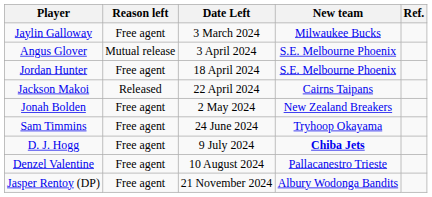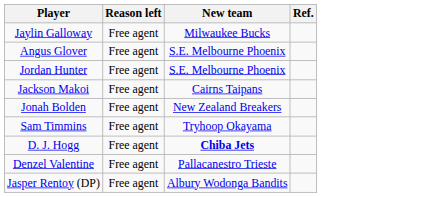 <table class="wikitable sortable sortable" style="text-align: center">
 <tr>
 <th>Player</th>
 <th>Reason left</th>
-<th>Date Left</th>
 <th>New team</th>
 <th>Ref.</th>
 </tr>
 <tr>
 <td><a href='#'>Jaylin Galloway</a></td>
 <td>Free agent</td>
-<td>3 March 2024</td>
 <td><a href='#'>Milwaukee Bucks</a></td>
 <td></td>
 </tr>
 <tr>
 <td><a href='#'>Angus Glover</a></td>
-<td>Mutual release</td>
-<td>3 April 2024</td>
+<td>Free agent</td>
 <td><a href='#'>S.E. Melbourne Phoenix</a></td>
 <td></td>
 </tr>
 <tr>
 <td><a href='#'>Jordan Hunter</a></td>
 <td>Free agent</td>
-<td>18 April 2024</td>
 <td><a href='#'>S.E. Melbourne Phoenix</a></td>
 <td></td>
 </tr>
 <tr>
 <td><a href='#'>Jackson Makoi</a></td>
-<td>Released</td>
-<td>22 April 2024</td>
+<td>Free agent</td>
 <td><a href='#'>Cairns Taipans</a></td>
 <td></td>
 </tr>
 <tr>
 <td><a href='#'>Jonah Bolden</a></td>
 <td>Free agent</td>
-<td>2 May 2024</td>
 <td><a href='#'>New Zealand Breakers</a></td>
 <td></td>
 </tr>
 <tr>
 <td><a href='#'>Sam Timmins</a></td>
 <td>Free agent</td>
-<td>24 June 2024</td>
 <td><a href='#'>Tryhoop Okayama</a></td>
 <td></td>
 </tr>
 <tr>
 <td><a href='#'>D. J. Hogg</a></td>
 <td>Free agent</td>
-<td>9 July 2024</td>
 <td><strong><a href='#'>Chiba Jets</a></strong></td>
 <td></td>
 </tr>
 <tr>
 <td><a href='#'>Denzel Valentine</a></td>
 <td>Free agent</td>
-<td>10 August 2024</td>
 <td><a href='#'>Pallacanestro Trieste</a></td>
 <td></td>
 </tr>
 <tr>
 <td><a href='#'>Jasper Rentoy</a> (DP)</td>
 <td>Free agent</td>
-<td>21 November 2024</td>
 <td><a href='#'>Albury Wodonga Bandits</a></td>
 <td></td>
 </tr>
 </table>
